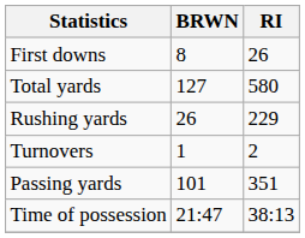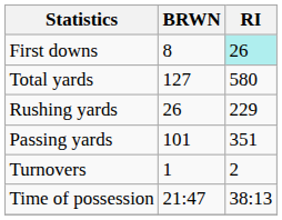 <table class="wikitable">
 <tr>
 <th>Statistics</th>
 <th>BRWN</th>
 <th>RI</th>
 </tr>
 <tr>
 <td>First downs</td>
 <td>8</td>
-<td>26</td>
+<td style="background: paleturquoise;">26</td>
 </tr>
 <tr>
 <td>Total yards</td>
 <td>127</td>
 <td>580</td>
 </tr>
 <tr>
 <td>Rushing yards</td>
 <td>26</td>
 <td>229</td>
 </tr>
 <tr>
+<td>Passing yards</td>
+<td>101</td>
+<td>351</td>
+</tr>
+<tr>
 <td>Turnovers</td>
 <td>1</td>
 <td>2</td>
-</tr>
-<tr>
-<td>Passing yards</td>
-<td>101</td>
-<td>351</td>
 </tr>
 <tr>
 <td>Time of possession</td>
 <td>21:47</td>
 <td>38:13</td>
 </tr>
 <tr>
 </tr>
 </table>
